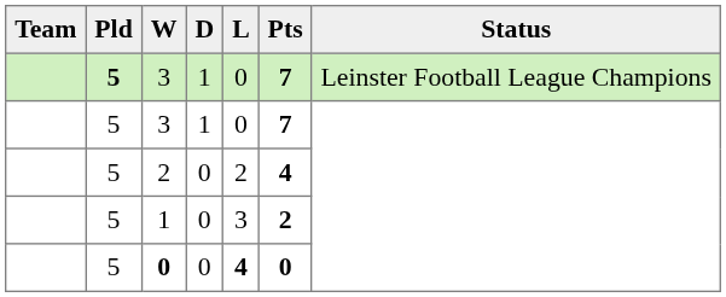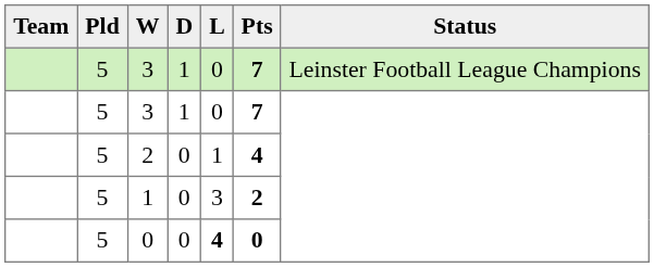 <table style=border-collapse:collapse border=1 cellspacing=0 cellpadding=5>
 <tr align=center bgcolor=#efefef>
 <th>Team</th>
 <th>Pld</th>
 <th>W</th>
 <th>D</th>
 <th>L</th>
 <th>Pts</th>
 <th>Status</th>
 </tr>
 <tr align=center style="background:#D0F0C0;">
 <td style="text-align:left;"> </td>
-<td><strong>5</strong></td>
+<td>5</td>
 <td>3</td>
 <td>1</td>
 <td>0</td>
 <td><strong>7</strong></td>
 <td rowspan=1>Leinster Football League Champions</td>
 </tr>
 <tr align=center style="background:#FFFFFF;">
 <td style="text-align:left;"> </td>
 <td>5</td>
 <td>3</td>
 <td>1</td>
 <td>0</td>
 <td><strong>7</strong></td>
 <td rowspan=4></td>
 </tr>
 <tr align=center style="background:#FFFFFF;">
 <td style="text-align:left;"> </td>
 <td>5</td>
 <td>2</td>
 <td>0</td>
-<td>2</td>
+<td>1</td>
 <td><strong>4</strong></td>
 </tr>
 <tr align=center style="background:#FFFFFF;">
 <td style="text-align:left;"> </td>
 <td>5</td>
 <td>1</td>
 <td>0</td>
 <td>3</td>
 <td><strong>2</strong></td>
 </tr>
 <tr align=center style="background:#FFFFFF;">
 <td style="text-align:left;"> </td>
 <td>5</td>
-<td><strong>0</strong></td>
+<td>0</td>
 <td>0</td>
 <td><strong>4</strong></td>
 <td><strong>0</strong></td>
 </tr>
 </table>
